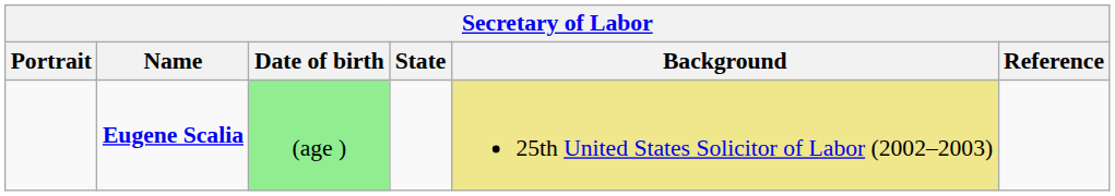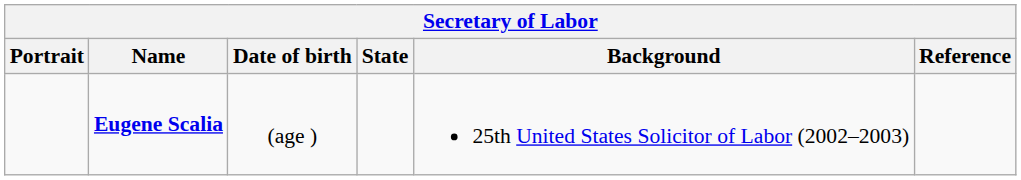 <table class="wikitable collapsible" style="text-align:center;">
 <tr>
 <th colspan="6"><a href='#'>Secretary of Labor</a></th>
 </tr>
 <tr>
 <th>Portrait</th>
 <th>Name</th>
 <th>Date of birth</th>
 <th>State</th>
 <th>Background</th>
 <th>Reference</th>
 </tr>
 <tr>
 <td></td>
 <td><strong><a href='#'>Eugene Scalia</a></strong></td>
-<td style="background: lightgreen;"><br>(age )</td>
+<td><br>(age )</td>
 <td></td>
-<td style="background: khaki;"><br><ul><li>25th <a href='#'>United States Solicitor of Labor</a> (2002–2003)</li></ul></td>
+<td><br><ul><li>25th <a href='#'>United States Solicitor of Labor</a> (2002–2003)</li></ul></td>
 <td></td>
 </tr>
 </table>
